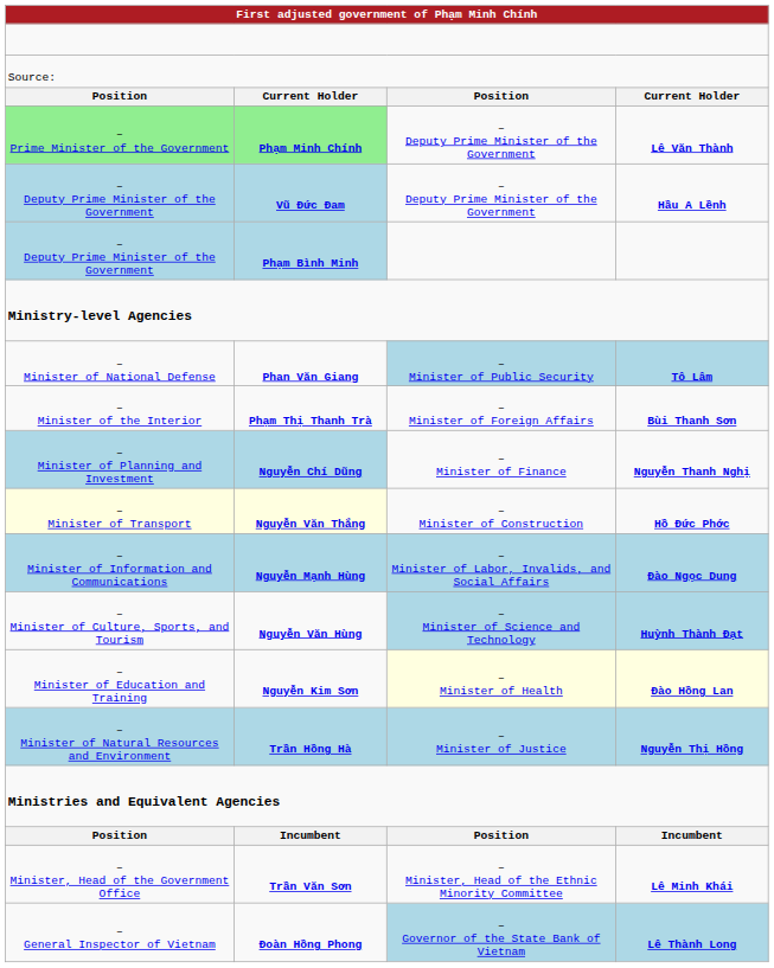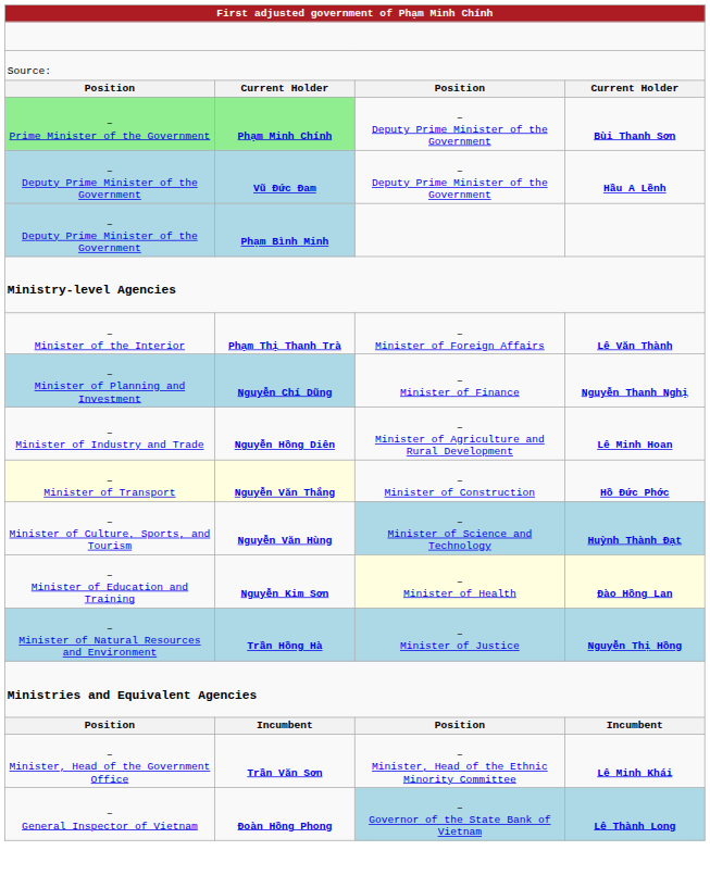 <table class="wikitable mw-collapsible mw-collapsed" style="text-align:center">
 <tr>
 <th colspan="4" style="text-align:center; font-size:100%; color:white; background:#AE1C23;">First adjusted government of Phạm Minh Chính</th>
 </tr>
 <tr>
 <td colspan="4" style="text-align:left"><br> <br></td>
 </tr>
 <tr>
 <td colspan="4" style="text-align:left"><br>Source:</td>
 </tr>
 <tr>
 <th scope="col" style="width: 30%;">Position<br></th>
 <th scope="col" style="width: 20%;">Current Holder</th>
 <th scope="col" style="width: 30%;">Position<br></th>
 <th scope="col" style="width: 20%;">Current Holder</th>
 </tr>
 <tr>
 <td style="background: #90EE90;"><br>–<br><a href='#'>Prime Minister of the Government</a><br></td>
 <td style="background: #90EE90;"><br><br><strong><a href='#'>Phạm Minh Chính</a></strong><br></td>
 <td><br>–<br><a href='#'>Deputy Prime Minister of the Government</a><br></td>
-<td><br><br><strong><a href='#'>Lê Văn Thành</a></strong><br></td>
+<td><br><br><strong><a href='#'>Bùi Thanh Sơn</a></strong><br></td>
 </tr>
 <tr>
 <td style="background:lightblue;"><br>–<br><a href='#'>Deputy Prime Minister of the Government</a><br></td>
 <td style="background:lightblue;"><br><br><strong><a href='#'>Vũ Đức Đam</a></strong><br></td>
 <td><br>–<br><a href='#'>Deputy Prime Minister of the Government</a><br></td>
 <td><br>  <br> <strong><a href='#'>Hầu A Lềnh</a></strong> <br> </td>
 </tr>
 <tr>
 <td style="background:lightblue;"><br>–<br><a href='#'>Deputy Prime Minister of the Government</a><br></td>
 <td style="background:lightblue;"><br><br><strong><a href='#'>Phạm Bình Minh</a></strong><br></td>
 <td></td>
 <td></td>
 </tr>
 <tr>
 <td colspan="4" style="text-align:left"><br><h3>Ministry-level Agencies</h3></td>
 </tr>
 <tr>
-<td><br>–<br><a href='#'>Minister of National Defense</a> <br></td>
-<td><br><br><strong><a href='#'>Phan Văn Giang</a></strong><br></td>
-<td style="background:lightblue;"><br>–<br><a href='#'>Minister of Public Security</a><br></td>
-<td style="background:lightblue;"><br><br><strong><a href='#'>Tô Lâm</a></strong><br></td>
-</tr>
-<tr>
 <td><br>–<br><a href='#'>Minister of the Interior</a><br></td>
 <td><br><br><strong><a href='#'>Phạm Thị Thanh Trà</a></strong><br></td>
 <td><br>–<br><a href='#'>Minister of Foreign Affairs</a><br></td>
-<td><br><br><strong><a href='#'>Bùi Thanh Sơn</a></strong><br></td>
+<td><br><br><strong><a href='#'>Lê Văn Thành</a></strong><br></td>
 </tr>
 <tr>
 <td style="background:lightblue;"><br>–<br><a href='#'>Minister of Planning and Investment</a><br></td>
 <td style="background:lightblue;"><br><br><strong><a href='#'>Nguyễn Chí Dũng</a></strong><br></td>
 <td><br>–<br><a href='#'>Minister of Finance</a><br></td>
 <td><br><br><strong><a href='#'>Nguyễn Thanh Nghị</a></strong><br></td>
 </tr>
 <tr>
+<td><br>–<br><a href='#'>Minister of Industry and Trade</a><br></td>
+<td><br><br><strong><a href='#'>Nguyễn Hồng Diên</a></strong><br></td>
+<td><br>–<br><a href='#'>Minister of Agriculture and Rural Development</a><br></td>
+<td><br><br><strong><a href='#'>Lê Minh Hoan</a></strong><br></td>
+</tr>
+<tr>
 <td style="background:LightYellow;"><br>–<br><a href='#'>Minister of Transport</a><br></td>
 <td style="background:LightYellow;"><br><br><strong><a href='#'>Nguyễn Văn Thắng</a></strong><br></td>
 <td><br>–<br><a href='#'>Minister of Construction</a><br></td>
 <td><br><br><strong><a href='#'>Hồ Đức Phớc</a></strong><br></td>
-</tr>
-<tr>
-<td style="background:lightblue;"><br>–<br><a href='#'>Minister of Information and Communications</a><br></td>
-<td style="background:lightblue;"><br><br><strong><a href='#'>Nguyễn Mạnh Hùng</a></strong><br></td>
-<td style="background:lightblue;"><br>–<br><a href='#'>Minister of Labor, Invalids, and Social Affairs</a><br></td>
-<td style="background:lightblue;"><br><br><strong><a href='#'>Đào Ngọc Dung</a></strong><br></td>
 </tr>
 <tr>
 <td><br>–<br><a href='#'>Minister of Culture, Sports, and Tourism</a><br></td>
 <td><br><br><strong><a href='#'>Nguyễn Văn Hùng</a></strong><br></td>
 <td style="background:lightblue;"><br>–<br><a href='#'>Minister of Science and Technology</a><br></td>
 <td style="background:lightblue;"><br><br><strong><a href='#'>Huỳnh Thành Đạt</a></strong><br></td>
 </tr>
 <tr>
 <td><br>–<br><a href='#'>Minister of Education and Training</a><br></td>
 <td><br><br><strong><a href='#'>Nguyễn Kim Sơn</a></strong><br></td>
 <td style="background:LightYellow;"><br>–<br><a href='#'>Minister of Health</a><br></td>
 <td style="background:LightYellow;"><br><br><strong><a href='#'>Đào Hồng Lan</a></strong><br></td>
 </tr>
 <tr>
 <td style="background:lightblue;"><br>–<br><a href='#'>Minister of Natural Resources and Environment</a><br></td>
 <td style="background:lightblue;"><br><br><strong><a href='#'>Trần Hồng Hà</a></strong><br></td>
 <td style="background:lightblue;"><br>–<br><a href='#'>Minister of Justice</a><br></td>
 <td style="background:lightblue;"> <br>  <br> <strong><a href='#'>Nguyễn Thị Hồng</a></strong> <br> </td>
 </tr>
 <tr>
 <td colspan="4" style="text-align:left"><br><h3>Ministries and Equivalent Agencies</h3></td>
 </tr>
 <tr>
 <th>Position<br></th>
 <th>Incumbent</th>
 <th>Position<br></th>
 <th>Incumbent</th>
 </tr>
 <tr>
 <td> <br>–<br> <a href='#'>Minister, Head of the Government Office</a> <br> </td>
 <td> <br>  <br> <strong><a href='#'>Trần Văn Sơn</a></strong> <br> </td>
 <td> <br>–<br> <a href='#'>Minister, Head of the Ethnic Minority Committee</a> <br></td>
 <td><br><br><strong><a href='#'>Lê Minh Khái</a></strong><br></td>
 </tr>
 <tr>
 <td> <br>–<br> <a href='#'>General Inspector of Vietnam</a><br> </td>
 <td> <br>  <br>  <strong><a href='#'>Đoàn Hồng Phong</a></strong> <br> </td>
 <td style="background:lightblue;"><br>–<br> <a href='#'>Governor of the State Bank of Vietnam</a> <br> </td>
 <td style="background:lightblue;"><br><br><strong><a href='#'>Lê Thành Long</a></strong><br></td>
 </tr>
 </table>
